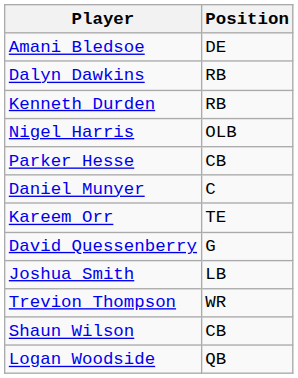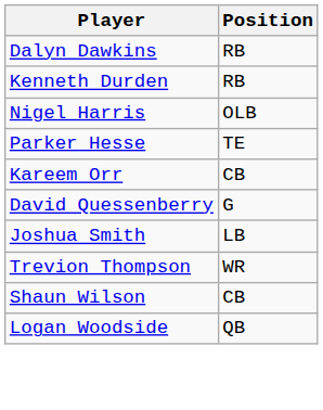 <table class="wikitable sortable">
 <tr>
 <th>Player</th>
 <th>Position</th>
-</tr>
-<tr>
-<td><a href='#'>Amani Bledsoe</a></td>
-<td>DE</td>
 </tr>
 <tr>
 <td><a href='#'>Dalyn Dawkins</a></td>
 <td>RB</td>
 </tr>
 <tr>
 <td><a href='#'>Kenneth Durden</a></td>
 <td>RB</td>
 </tr>
 <tr>
 <td><a href='#'>Nigel Harris</a></td>
 <td>OLB</td>
 </tr>
 <tr>
 <td><a href='#'>Parker Hesse</a></td>
-<td>CB</td>
-</tr>
-<tr>
-<td><a href='#'>Daniel Munyer</a></td>
-<td>C</td>
+<td>TE</td>
 </tr>
 <tr>
 <td><a href='#'>Kareem Orr</a></td>
-<td>TE</td>
+<td>CB</td>
 </tr>
 <tr>
 <td><a href='#'>David Quessenberry</a></td>
 <td>G</td>
 </tr>
 <tr>
 <td><a href='#'>Joshua Smith</a></td>
 <td>LB</td>
 </tr>
 <tr>
 <td><a href='#'>Trevion Thompson</a></td>
 <td>WR</td>
 </tr>
 <tr>
 <td><a href='#'>Shaun Wilson</a></td>
 <td>CB</td>
 </tr>
 <tr>
 <td><a href='#'>Logan Woodside</a></td>
 <td>QB</td>
 </tr>
 </table>
